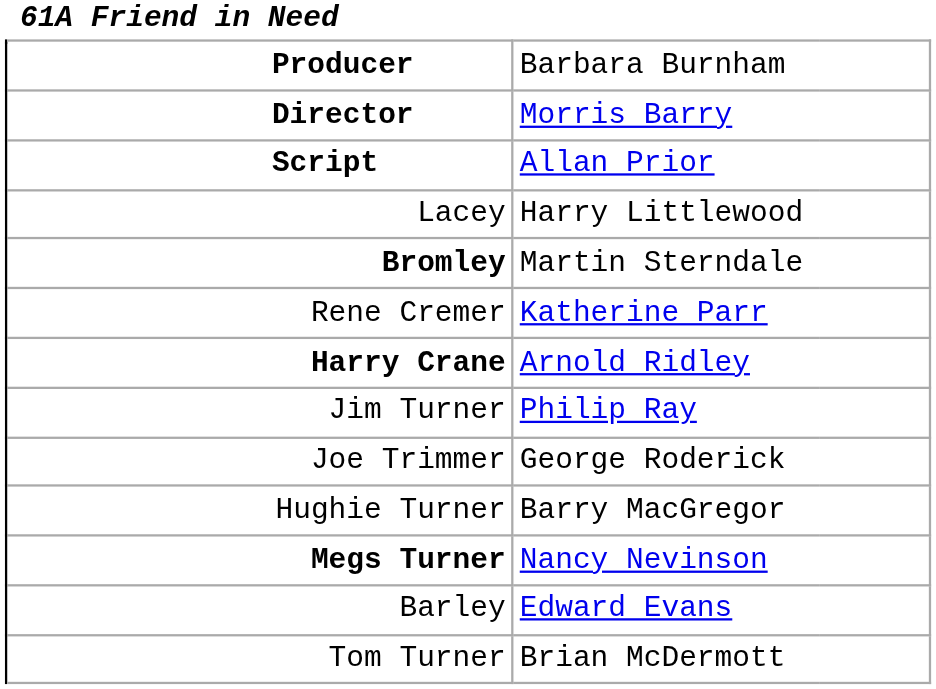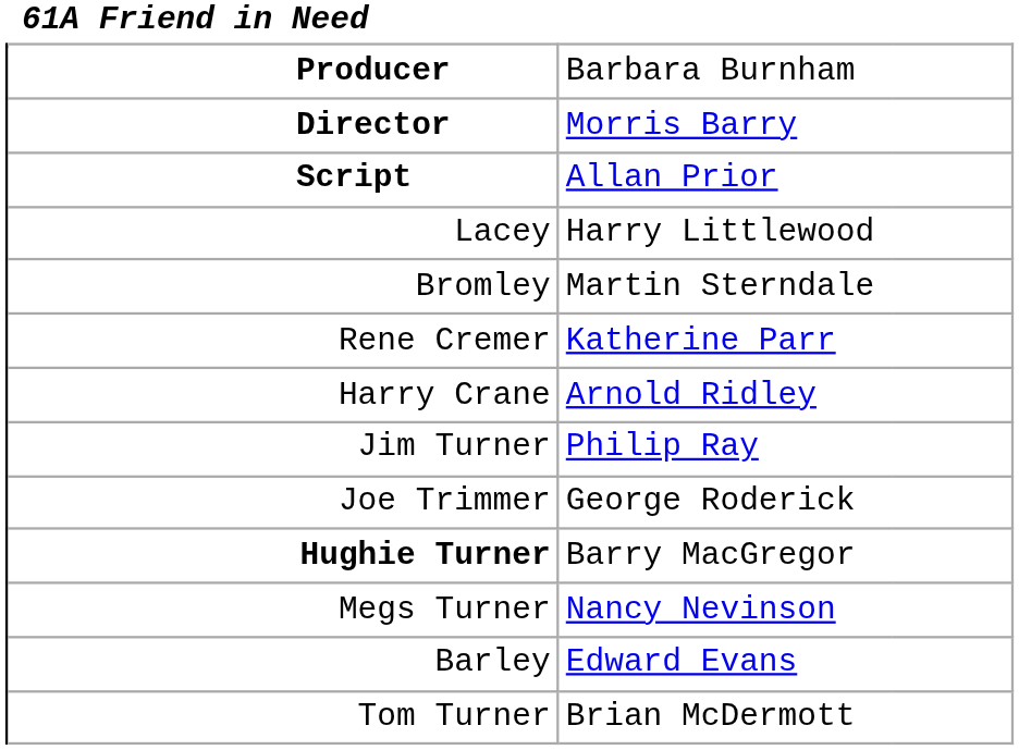 <table class="wikitable mw-collapsible mw-collapsed" style="vertical-align:top;margin:auto 2em;line-height:1.2;min-width:33em;display: inline-table;background-color:inherit;border:none;">
 <tr>
 <td class=unsortable style="border:hidden;line-height:1.67;text-align:center;margin-left:-1em;padding-left:0.5em;min-width:1.0em;"></td>
 <td class=unsortable style="border:none;padding-left:0.5em;text-align:left;min-width:16.5em;font-weight:700;font-style:italic;">61A Friend in Need</td>
 <td class=unsortable style="border:none;text-align:right;font-weight:normal;font-family:Courier;font-size:95%;letter-spacing:-1pt;min-width:8.5em;padding-right:0.2em;"></td>
 <td class=unsortable style="border:hidden;min-width:3.5em;padding-left:0;"></td>
 <td class=unsortable style="border:hidden;min-width:3.5em;font-size:95%;"></td>
 </tr>
 <tr>
 <td rowspan=100 style="border:none thin;border-right-style :solid;"></td>
 </tr>
 <tr>
 <td style="text-align:left;padding-left:9.0em;font-weight:bold;">Producer</td>
 <td colspan=2>Barbara Burnham</td>
 </tr>
 <tr>
 <td style="text-align:left;padding-left:9.0em;font-weight:bold;">Director</td>
 <td colspan=2><a href='#'>Morris Barry</a></td>
 </tr>
 <tr>
 <td style="text-align:left;padding-left:9.0em;font-weight:bold;">Script</td>
 <td colspan=2><a href='#'>Allan Prior</a></td>
 </tr>
 <tr>
 <td style="text-align:right;">Lacey</td>
 <td colspan=2>Harry Littlewood</td>
 </tr>
 <tr>
-<td style="text-align:right;"><strong>Bromley</strong></td>
+<td style="text-align:right;">Bromley</td>
 <td colspan=2>Martin Sterndale</td>
 </tr>
 <tr>
 <td style="text-align:right;">Rene Cremer</td>
 <td colspan=2><a href='#'>Katherine Parr</a></td>
 </tr>
 <tr>
-<td style="text-align:right;"><strong>Harry Crane</strong></td>
+<td style="text-align:right;">Harry Crane</td>
 <td colspan=2><a href='#'>Arnold Ridley</a></td>
 </tr>
 <tr>
 <td style="text-align:right;">Jim Turner</td>
 <td colspan=2><a href='#'>Philip Ray</a></td>
 </tr>
 <tr>
 <td style="text-align:right;">Joe Trimmer</td>
 <td colspan=2>George Roderick</td>
 </tr>
 <tr>
-<td style="text-align:right;">Hughie Turner</td>
+<td style="text-align:right;"><strong>Hughie Turner</strong></td>
 <td colspan=2>Barry MacGregor</td>
 </tr>
 <tr>
-<td style="text-align:right;"><strong>Megs Turner</strong></td>
+<td style="text-align:right;">Megs Turner</td>
 <td colspan=2><a href='#'>Nancy Nevinson</a></td>
 </tr>
 <tr>
 <td style="text-align:right;">Barley</td>
 <td colspan=2><a href='#'>Edward Evans</a></td>
 </tr>
 <tr>
 <td style="text-align:right;">Tom Turner</td>
 <td colspan=2>Brian McDermott</td>
 </tr>
 </table>
